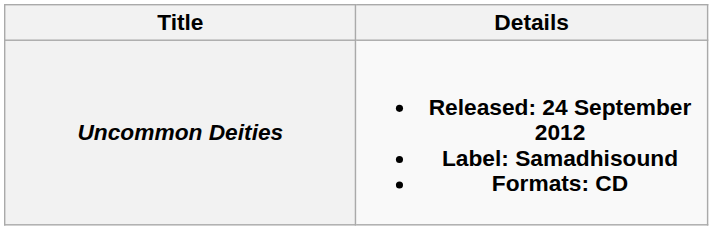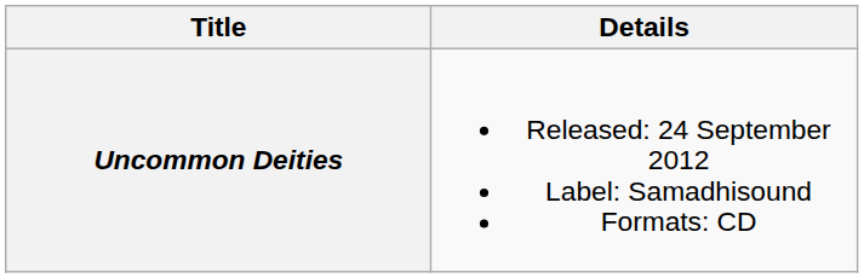 <table class="wikitable plainrowheaders" style="text-align:center;">
 <tr>
 <th scope="col" style="width:15em;">Title</th>
 <th scope="col" style="width:15em;">Details</th>
 </tr>
 <tr>
 <th scope="row"><em>Uncommon Deities</em></th>
-<td><strong><br><ul><li>Released: 24 September 2012</li><li>Label: Samadhisound</li><li>Formats: CD</li></ul></strong></td>
+<td><br><ul><li>Released: 24 September 2012</li><li>Label: Samadhisound</li><li>Formats: CD</li></ul></td>
 </tr>
 </table>
